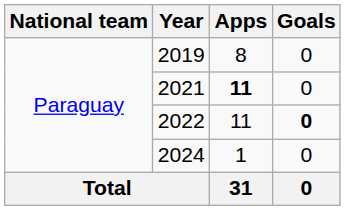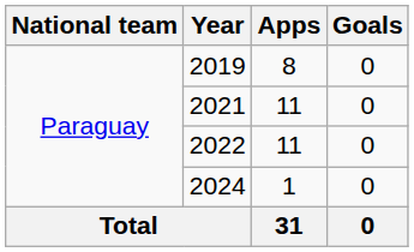 <table class=wikitable style=text-align:center>
 <tr>
 <th>National team</th>
 <th>Year</th>
 <th>Apps</th>
 <th>Goals</th>
 </tr>
 <tr>
 <td rowspan=4><a href='#'>Paraguay</a></td>
 <td>2019</td>
 <td>8</td>
 <td>0</td>
 </tr>
 <tr>
 <td>2021</td>
-<td><strong>11</strong></td>
+<td>11</td>
 <td>0</td>
 </tr>
 <tr>
 <td>2022</td>
 <td>11</td>
-<td><strong>0</strong></td>
+<td>0</td>
 </tr>
 <tr>
 <td>2024</td>
 <td>1</td>
 <td>0</td>
 </tr>
 <tr>
 <th colspan=2>Total</th>
 <th>31</th>
 <th>0</th>
 </tr>
 </table>
